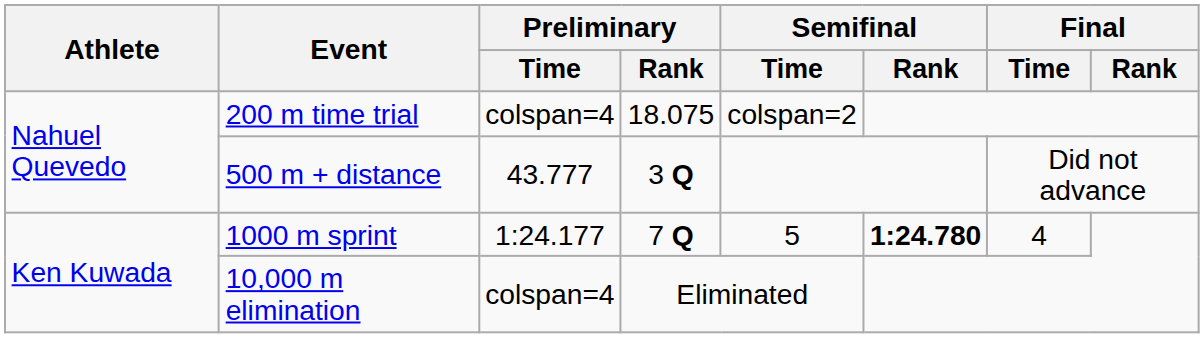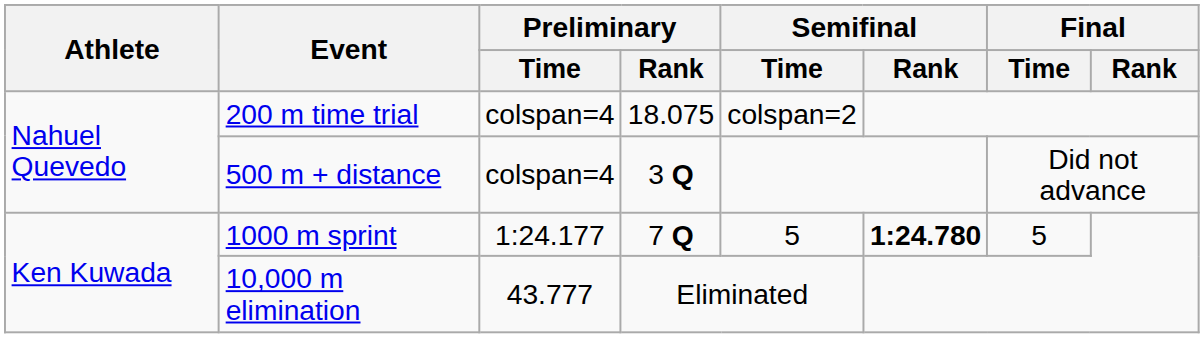 <table class=wikitable style=font-size:90%;text-align:center>
 <tr>
 <th rowspan=2>Athlete</th>
 <th rowspan=2>Event</th>
 <th colspan=2>Preliminary</th>
 <th colspan=2>Semifinal</th>
 <th colspan=2>Final</th>
 </tr>
 <tr style=font-size:95%>
 <th>Time</th>
 <th>Rank</th>
 <th>Time</th>
 <th>Rank</th>
 <th>Time</th>
 <th>Rank</th>
 </tr>
 <tr>
 <td rowspan=2 align=left><a href='#'>Nahuel Quevedo</a></td>
 <td align=left><a href='#'>200 m time trial</a></td>
 <td>colspan=4 </td>
 <td>18.075</td>
 <td>colspan=2 </td>
 </tr>
 <tr>
 <td align=left><a href='#'>500 m + distance</a></td>
-<td>43.777</td>
+<td>colspan=4 </td>
 <td>3 <strong>Q</strong></td>
 <td colspan=2><s></s></td>
 <td colspan=2>Did not advance</td>
 </tr>
 <tr>
 <td rowspan=2 align=left><a href='#'>Ken Kuwada</a></td>
 <td align=left><a href='#'>1000 m sprint</a></td>
 <td>1:24.177</td>
 <td>7 <strong>Q</strong></td>
 <td>5</td>
 <td><strong>1:24.780</strong></td>
-<td>4</td>
+<td>5</td>
 </tr>
 <tr>
 <td align=left><a href='#'>10,000 m elimination</a></td>
-<td>colspan=4 </td>
+<td>43.777</td>
 <td colspan=2>Eliminated</td>
 </tr>
 </table>
